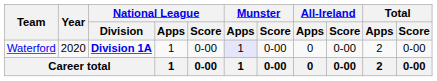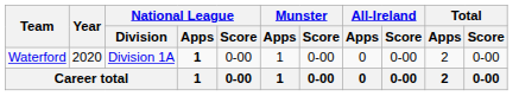 <table class="wikitable" style="text-align:center">
 <tr>
 <th rowspan="2">Team</th>
 <th rowspan="2">Year</th>
 <th colspan="3"><a href='#'>National League</a></th>
 <th colspan="2"><a href='#'>Munster</a></th>
 <th colspan="2"><a href='#'>All-Ireland</a></th>
 <th colspan="2">Total</th>
 </tr>
 <tr>
 <th>Division</th>
 <th>Apps</th>
 <th>Score</th>
 <th>Apps</th>
 <th>Score</th>
 <th>Apps</th>
 <th>Score</th>
 <th>Apps</th>
 <th>Score</th>
 </tr>
 <tr>
 <td rowspan="1"><a href='#'>Waterford</a></td>
 <td>2020</td>
-<td rowspan="1"><strong><a href='#'>Division 1A</a></strong></td>
+<td rowspan="1"><a href='#'>Division 1A</a></td>
+<td><strong>1</strong></td>
+<td>0-00</td>
 <td>1</td>
-<td>0-00</td>
-<td style="background: lavender;">1</td>
 <td>0-00</td>
 <td>0</td>
 <td>0-00</td>
 <td>2</td>
 <td>0-00</td>
 </tr>
 <tr>
 <th colspan="3">Career total</th>
 <th>1</th>
 <th>0-00</th>
 <th>1</th>
 <th>0-00</th>
 <th>0</th>
 <th>0-00</th>
 <th>2</th>
 <th>0-00</th>
 </tr>
 </table>
